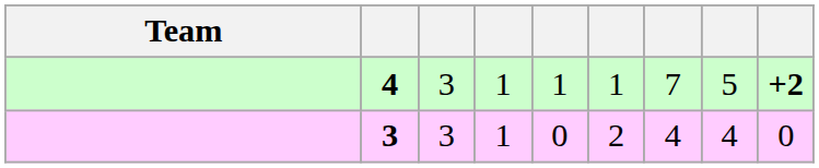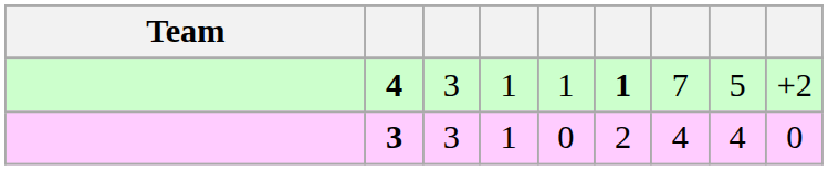 <table class="wikitable" style="text-align: center;">
 <tr>
 <th width=165>Team</th>
 <th width=20></th>
 <th width=20></th>
 <th width=20></th>
 <th width=20></th>
 <th width=20></th>
 <th width=20></th>
 <th width=20></th>
 <th width=20></th>
 </tr>
 <tr bgcolor=#ccffcc>
 <td style="text-align:left;"></td>
 <td><strong>4</strong></td>
 <td>3</td>
 <td>1</td>
 <td>1</td>
-<td>1</td>
+<td><strong>1</strong></td>
 <td>7</td>
 <td>5</td>
-<td><strong>+2</strong></td>
+<td>+2</td>
 </tr>
 <tr style="background:#ffccff;">
 <td style="text-align:left;"></td>
 <td><strong>3</strong></td>
 <td>3</td>
 <td>1</td>
 <td>0</td>
 <td>2</td>
 <td>4</td>
 <td>4</td>
 <td>0</td>
 </tr>
 </table>
